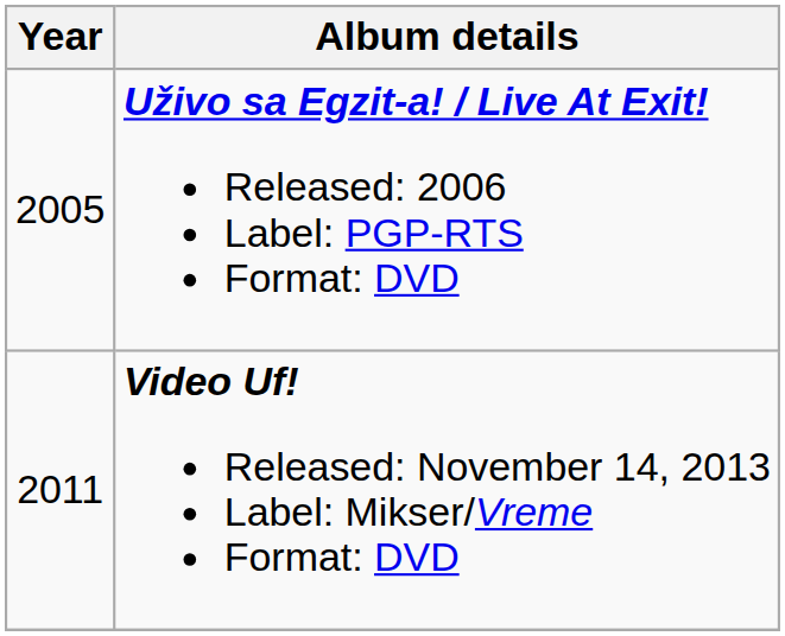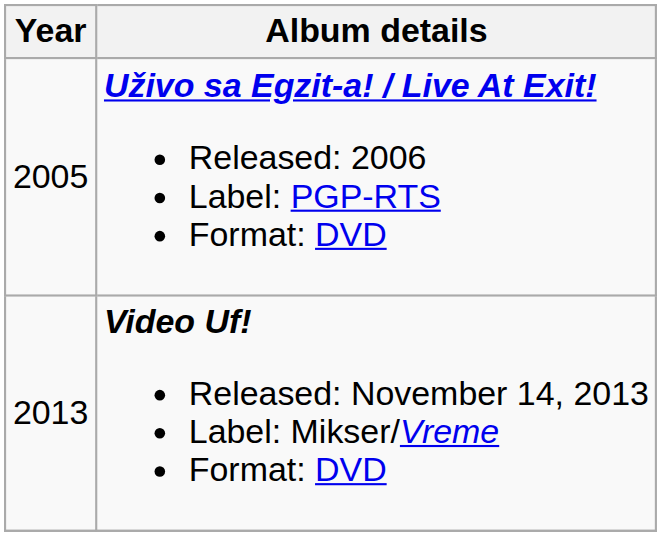 <table class ="wikitable">
 <tr>
 <th>Year</th>
 <th>Album details</th>
 </tr>
 <tr>
 <td align="center" rowspan="1">2005</td>
 <td><strong><em><a href='#'>Uživo sa Egzit-a! / Live At Exit!</a></em></strong><br><ul><li>Released: 2006</li><li>Label: <a href='#'>PGP-RTS</a></li><li>Format: <a href='#'>DVD</a></li></ul></td>
 </tr>
 <tr>
-<td align="center" rowspan="1">2011</td>
+<td align="center" rowspan="1">2013</td>
 <td><strong><em>Video Uf!</em></strong><br><ul><li>Released: November 14, 2013</li><li>Label: Mikser/<em><a href='#'>Vreme</a></em></li><li>Format: <a href='#'>DVD</a></li></ul></td>
 </tr>
 <tr>
 </tr>
 </table>
